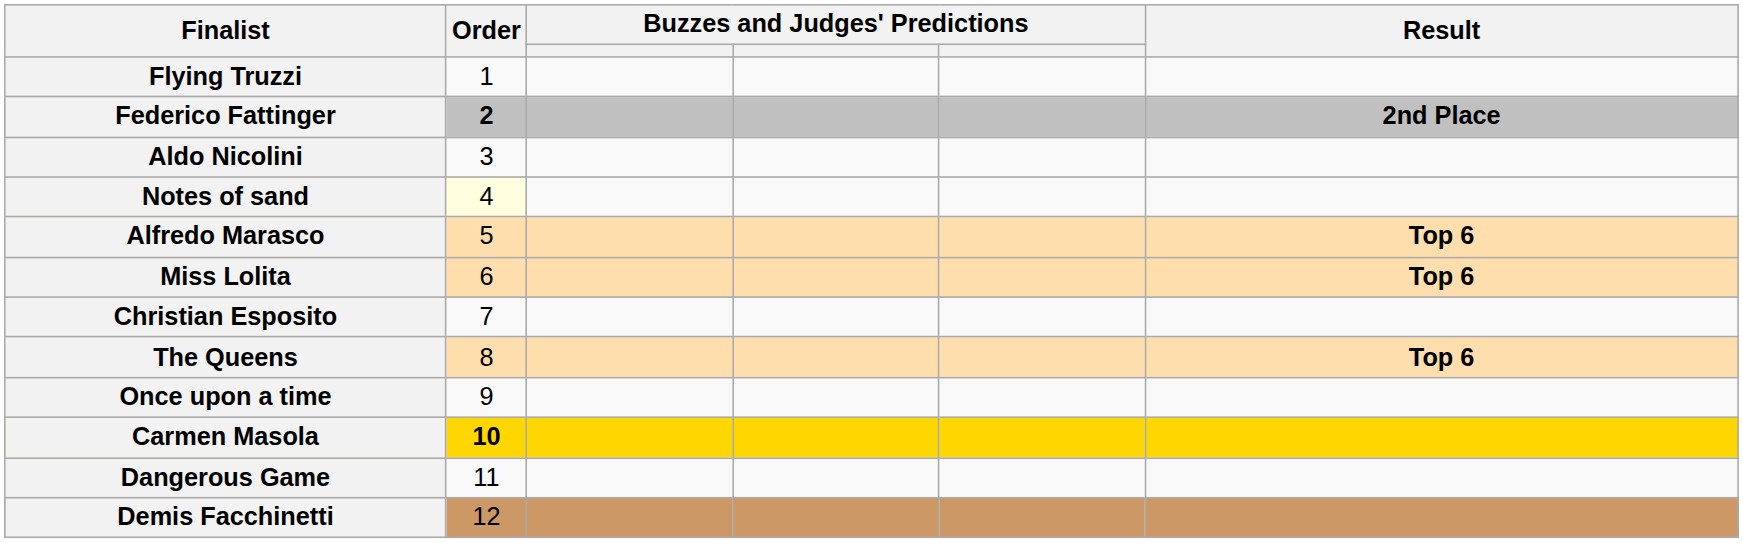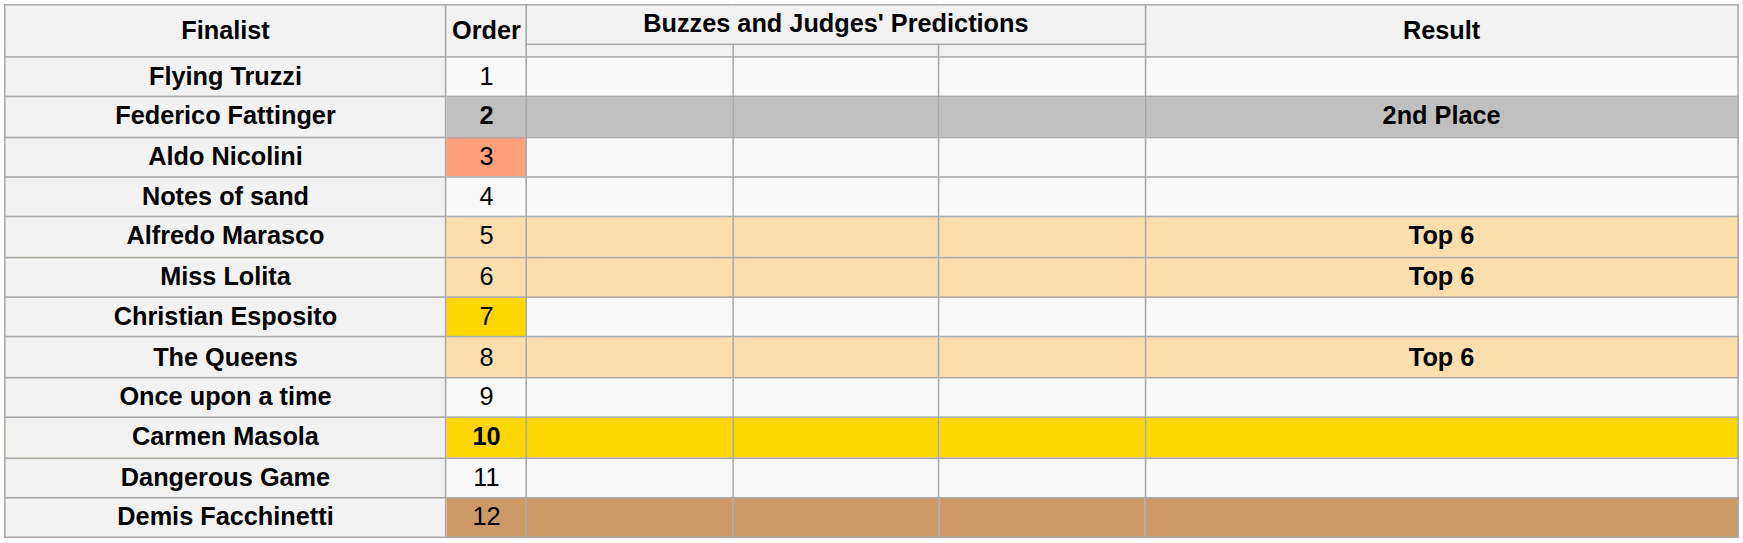 <table class="wikitable plainrowheaders sortable" style="text-align:center;">
 <tr>
 <th scope="col" rowspan=2 class="unsortable" style="width:17em;">Finalist</th>
 <th scope="col" rowspan=2 style="width:1em;">Order</th>
 <th scope="col" colspan=3 class="unsortable" style="width:24em;">Buzzes and Judges' Predictions</th>
 <th scope="col" rowspan=2 style="width:23em;">Result</th>
 </tr>
 <tr>
 <th scope="col" class="unsortable" style="width:6em;"></th>
 <th scope="col" class="unsortable" style="width:6em;"></th>
 <th scope="col" class="unsortable" style="width:6em;"></th>
 </tr>
 <tr>
 <th scope="row">Flying Truzzi</th>
 <td>1</td>
 <td style="text-align:center;"></td>
 <td style="text-align:center;"></td>
 <td style="text-align:center;"></td>
 <td></td>
 </tr>
 <tr bgcolor=silver>
 <th scope="row"><strong>Federico Fattinger</strong></th>
 <td><strong>2</strong></td>
 <td style="text-align:center;"></td>
 <td style="text-align:center;"></td>
 <td style="text-align:center;"></td>
 <td><strong>2nd Place</strong></td>
 </tr>
 <tr>
 <th scope="row">Aldo Nicolini</th>
-<td>3</td>
+<td style="background: lightsalmon;">3</td>
 <td style="text-align:center;"></td>
 <td style="text-align:center;"></td>
 <td style="text-align:center;"></td>
 <td></td>
 </tr>
 <tr>
 <th scope="row">Notes of sand</th>
-<td style="background: lightyellow;">4</td>
+<td>4</td>
 <td style="text-align:center;"></td>
 <td style="text-align:center;"></td>
 <td style="text-align:center;"></td>
 <td></td>
 </tr>
 <tr style="background:NavajoWhite;">
 <th scope="row">Alfredo Marasco</th>
 <td>5</td>
 <td style="text-align:center;"></td>
 <td style="text-align:center;"></td>
 <td style="text-align:center;"></td>
 <td><strong>Top 6</strong></td>
 </tr>
 <tr style="background:NavajoWhite;">
 <th scope="row">Miss Lolita</th>
 <td>6</td>
 <td style="text-align:center;"></td>
 <td style="text-align:center;"></td>
 <td style="text-align:center;"></td>
 <td><strong>Top 6</strong></td>
 </tr>
 <tr>
 <th scope="row">Christian Esposito</th>
-<td>7</td>
+<td style="background: gold;">7</td>
 <td style="text-align:center;"></td>
 <td style="text-align:center;"></td>
 <td style="text-align:center;"></td>
 <td></td>
 </tr>
 <tr style="background:NavajoWhite;">
 <th scope="row">The Queens</th>
 <td>8</td>
 <td style="text-align:center;"></td>
 <td style="text-align:center;"></td>
 <td style="text-align:center;"></td>
 <td><strong>Top 6</strong></td>
 </tr>
 <tr>
 <th scope="row">Once upon a time</th>
 <td>9</td>
 <td style="text-align:center;"></td>
 <td style="text-align:center;"></td>
 <td style="text-align:center;"></td>
 <td></td>
 </tr>
 <tr bgcolor=gold>
 <th scope="row"><strong>Carmen Masola</strong></th>
 <td><strong>10</strong></td>
 <td style="text-align:center;"></td>
 <td style="text-align:center;"></td>
 <td style="text-align:center;"></td>
 <td><strong></strong></td>
 </tr>
 <tr>
 <th scope="row">Dangerous Game</th>
 <td>11</td>
 <td style="text-align:center;"></td>
 <td style="text-align:center;"></td>
 <td style="text-align:center;"></td>
 <td></td>
 </tr>
 <tr bgcolor=#c96>
 <th scope="row">Demis Facchinetti</th>
 <td>12</td>
 <td style="text-align:center;"></td>
 <td style="text-align:center;"></td>
 <td style="text-align:center;"></td>
 <td><strong></strong></td>
 </tr>
 </table>
